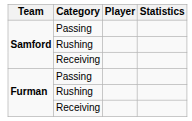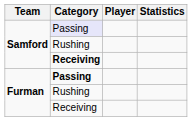 <table class="wikitable" style="float: right;">
 <tr>
 <th>Team</th>
 <th>Category</th>
 <th>Player</th>
 <th>Statistics</th>
 </tr>
 <tr>
 <td rowspan=3><strong>Samford</strong></td>
-<td>Passing</td>
+<td style="background: lavender;">Passing</td>
 <td></td>
 <td></td>
 </tr>
 <tr>
 <td>Rushing</td>
 <td></td>
 <td></td>
 </tr>
 <tr>
-<td>Receiving</td>
+<td><strong>Receiving</strong></td>
 <td></td>
 <td></td>
 </tr>
 <tr>
 <td rowspan=3><strong>Furman</strong></td>
-<td>Passing</td>
+<td><strong>Passing</strong></td>
 <td></td>
 <td></td>
 </tr>
 <tr>
 <td>Rushing</td>
 <td></td>
 <td></td>
 </tr>
 <tr>
 <td>Receiving</td>
 <td></td>
 <td></td>
 </tr>
 </table>
